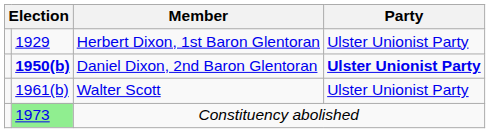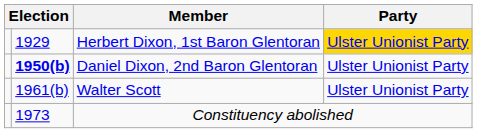 <table class="wikitable">
 <tr>
 <th colspan="2">Election</th>
 <th>Member</th>
 <th>Party</th>
 </tr>
 <tr>
 <td rowspan="1" style="background-color: "></td>
 <td><a href='#'>1929</a></td>
 <td rowspan="1"><a href='#'>Herbert Dixon, 1st Baron Glentoran</a></td>
-<td rowspan="1"><a href='#'>Ulster Unionist Party</a></td>
+<td rowspan="1" style="background: gold;"><a href='#'>Ulster Unionist Party</a></td>
 </tr>
 <tr>
 <td rowspan="1" style="background-color: "></td>
 <td><strong><a href='#'>1950(b)</a></strong></td>
 <td rowspan="1"><a href='#'>Daniel Dixon, 2nd Baron Glentoran</a></td>
-<td rowspan="1"><strong><a href='#'>Ulster Unionist Party</a></strong></td>
+<td rowspan="1"><a href='#'>Ulster Unionist Party</a></td>
 </tr>
 <tr>
 <td rowspan="1" style="background-color: "></td>
 <td><a href='#'>1961(b)</a></td>
 <td rowspan="1"><a href='#'>Walter Scott</a></td>
 <td rowspan="1"><a href='#'>Ulster Unionist Party</a></td>
 </tr>
 <tr>
 <td></td>
-<td style="background: lightgreen;"><a href='#'>1973</a></td>
+<td><a href='#'>1973</a></td>
 <td colspan="3" align=center><em>Constituency abolished</em></td>
 </tr>
 </table>
